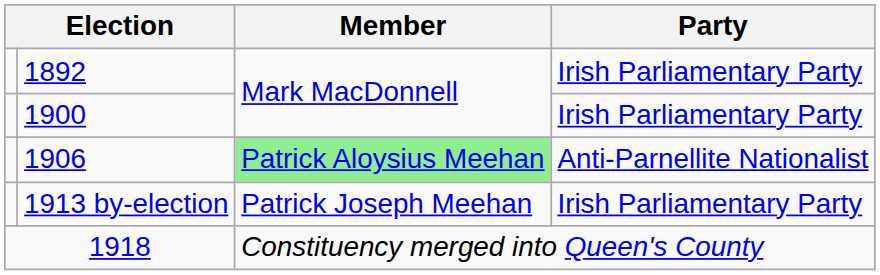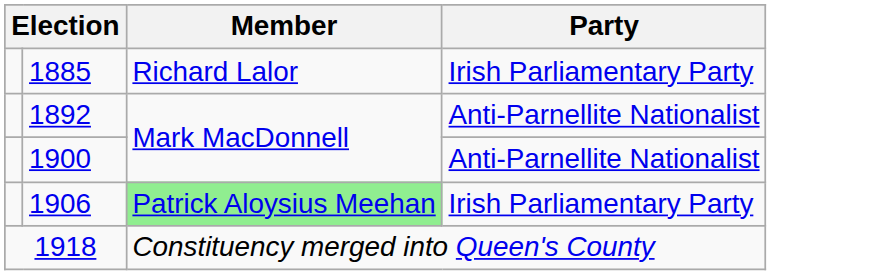 <table class="wikitable">
 <tr>
 <th colspan="2">Election</th>
 <th>Member</th>
 <th>Party</th>
 </tr>
 <tr>
 <td style="color:inherit;background-color: "></td>
-<td><a href='#'>1892</a></td>
-<td rowspan="2"><a href='#'>Mark MacDonnell</a></td>
+<td><a href='#'>1885</a></td>
+<td><a href='#'>Richard Lalor</a></td>
 <td><a href='#'>Irish Parliamentary Party</a></td>
 </tr>
 <tr>
 <td style="color:inherit;background-color: "></td>
+<td><a href='#'>1892</a></td>
+<td rowspan="2"><a href='#'>Mark MacDonnell</a></td>
+<td><a href='#'>Anti-Parnellite Nationalist</a></td>
+</tr>
+<tr>
+<td style="color:inherit;background-color: "></td>
 <td><a href='#'>1900</a></td>
-<td><a href='#'>Irish Parliamentary Party</a></td>
+<td><a href='#'>Anti-Parnellite Nationalist</a></td>
 </tr>
 <tr>
 <td style="color:inherit;background-color: "></td>
 <td><a href='#'>1906</a></td>
 <td style="background: lightgreen;"><a href='#'>Patrick Aloysius Meehan</a></td>
-<td><a href='#'>Anti-Parnellite Nationalist</a></td>
-</tr>
-<tr>
-<td style="color:inherit;background-color: "></td>
-<td><a href='#'>1913 by-election</a></td>
-<td><a href='#'>Patrick Joseph Meehan</a></td>
 <td><a href='#'>Irish Parliamentary Party</a></td>
 </tr>
 <tr>
 <td colspan="2" align="center"><a href='#'>1918</a></td>
 <td colspan="2"><em>Constituency merged into <a href='#'>Queen's County</a></em></td>
 </tr>
 </table>
